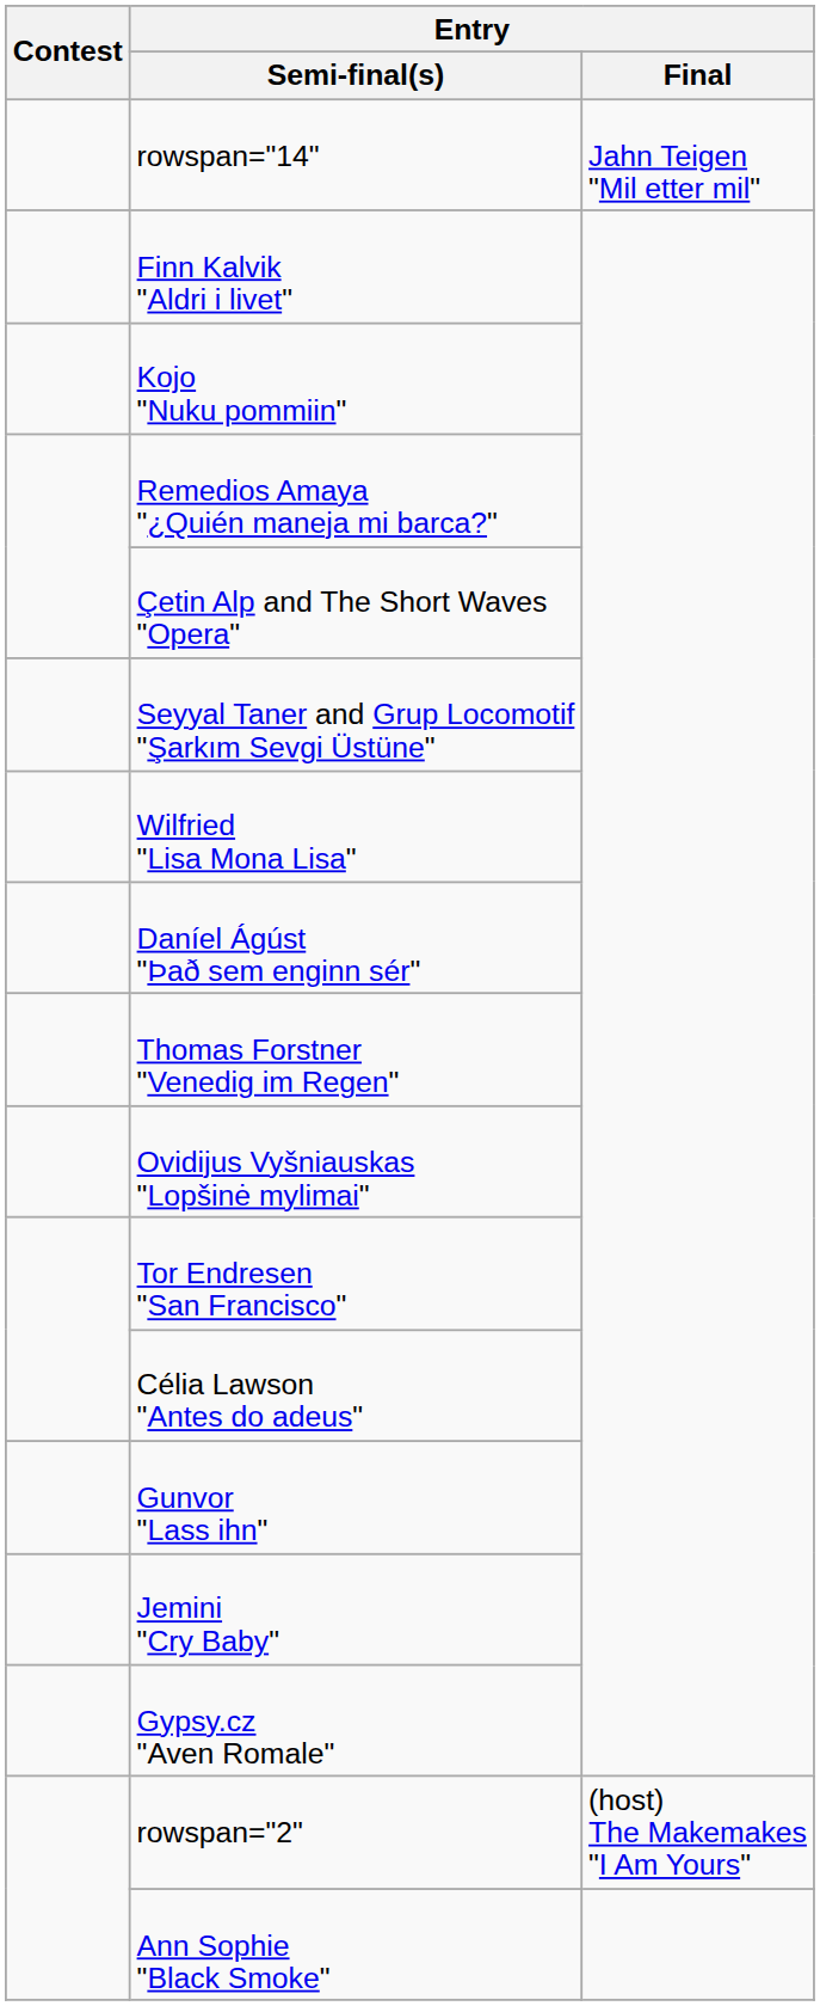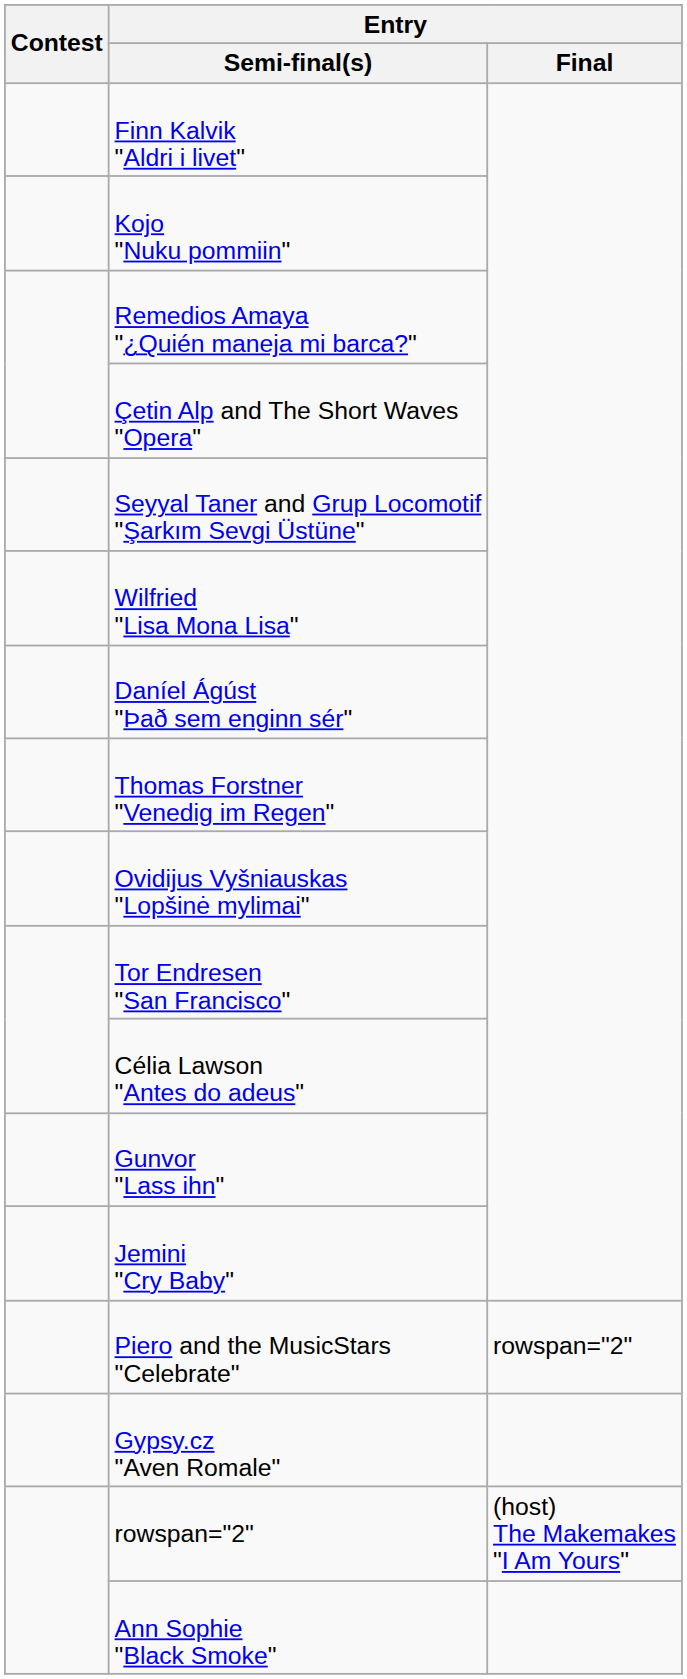 <table class="wikitable plainrowheaders" style="font-size:85%">
 <tr>
 <th scope="col" rowspan="2">Contest</th>
 <th scope="colgroup" colspan="2">Entry</th>
 </tr>
 <tr>
 <th scope="col">Semi-final(s)</th>
 <th scope="col">Final</th>
-</tr>
-<tr>
-<td></td>
-<td>rowspan="14" </td>
-<td><br><a href='#'>Jahn Teigen</a><br>"<a href='#'>Mil etter mil</a>"</td>
 </tr>
 <tr>
 <td></td>
 <td><br><a href='#'>Finn Kalvik</a><br>"<a href='#'>Aldri i livet</a>"</td>
 </tr>
 <tr>
 <td></td>
 <td><br><a href='#'>Kojo</a><br>"<a href='#'>Nuku pommiin</a>"</td>
 </tr>
 <tr>
 <td rowspan=2></td>
 <td><br><a href='#'>Remedios Amaya</a><br>"<a href='#'>¿Quién maneja mi barca?</a>"</td>
 </tr>
 <tr>
 <td><br><a href='#'>Çetin Alp</a> and The Short Waves<br>"<a href='#'>Opera</a>"</td>
 </tr>
 <tr>
 <td></td>
 <td><br><a href='#'>Seyyal Taner</a> and <a href='#'>Grup Locomotif</a><br>"<a href='#'>Şarkım Sevgi Üstüne</a>"</td>
 </tr>
 <tr>
 <td></td>
 <td><br><a href='#'>Wilfried</a><br>"<a href='#'>Lisa Mona Lisa</a>"</td>
 </tr>
 <tr>
 <td></td>
 <td><br><a href='#'>Daníel Ágúst</a><br>"<a href='#'>Það sem enginn sér</a>"</td>
 </tr>
 <tr>
 <td></td>
 <td><br><a href='#'>Thomas Forstner</a><br>"<a href='#'>Venedig im Regen</a>"</td>
 </tr>
 <tr>
 <td></td>
 <td><br><a href='#'>Ovidijus Vyšniauskas</a><br>"<a href='#'>Lopšinė mylimai</a>"</td>
 </tr>
 <tr>
 <td rowspan=2></td>
 <td><br><a href='#'>Tor Endresen</a><br>"<a href='#'>San Francisco</a>"</td>
 </tr>
 <tr>
 <td><br>Célia Lawson<br>"<a href='#'>Antes do adeus</a>"</td>
 </tr>
 <tr>
 <td></td>
 <td><br><a href='#'>Gunvor</a><br>"<a href='#'>Lass ihn</a>"</td>
 </tr>
 <tr>
 <td></td>
 <td><br><a href='#'>Jemini</a><br>"<a href='#'>Cry Baby</a>"</td>
 </tr>
 <tr>
 <td></td>
+<td><br><a href='#'>Piero</a> and the MusicStars<br>"Celebrate"</td>
+<td>rowspan="2" </td>
+</tr>
+<tr>
+<td></td>
 <td><br><a href='#'>Gypsy.cz</a><br>"Aven Romale"</td>
 </tr>
 <tr>
 <td rowspan="2"></td>
 <td>rowspan="2" </td>
 <td> (host)<br><a href='#'>The Makemakes</a><br>"<a href='#'>I Am Yours</a>"</td>
 </tr>
 <tr>
 <td><br><a href='#'>Ann Sophie</a><br>"<a href='#'>Black Smoke</a>"</td>
 </tr>
 </table>
